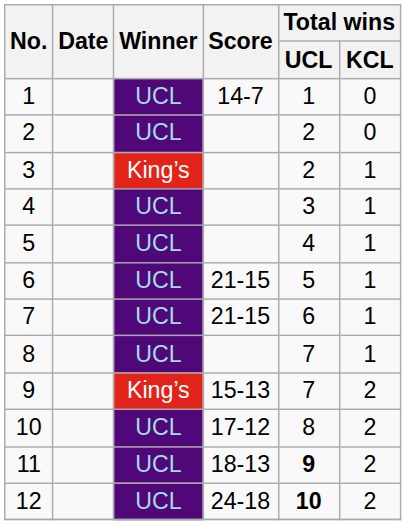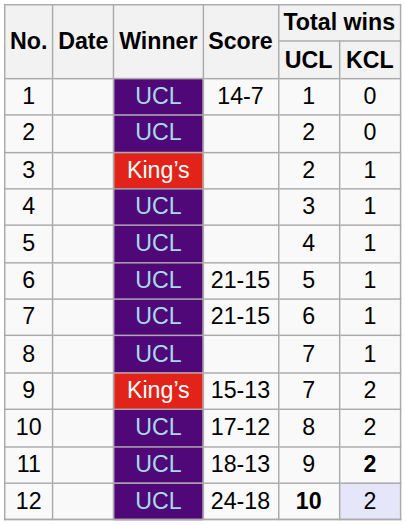 <table class="wikitable sortable">
 <tr>
 <th rowspan="2">No.</th>
 <th rowspan="2">Date</th>
 <th rowspan="2">Winner</th>
 <th rowspan="2">Score</th>
 <th colspan="2">Total wins</th>
 </tr>
 <tr>
 <th>UCL</th>
 <th>KCL</th>
 </tr>
 <tr>
 <td align="center">1</td>
 <td align="center"></td>
 <td style="background:#500778; color:#A4DBE8;" align="center">UCL</td>
 <td align="center">14-7</td>
 <td align="center">1</td>
 <td align="center">0</td>
 </tr>
 <tr>
 <td align="center">2</td>
 <td align="center"></td>
 <td style="background:#500778; color:#A4DBE8;" align="center">UCL</td>
 <td align="center"></td>
 <td align="center">2</td>
 <td align="center">0</td>
 </tr>
 <tr>
 <td align="center">3</td>
 <td align="center"></td>
 <td style="background:#e2231a; color:#FFFFFF;" align="center">King’s</td>
 <td align="center"></td>
 <td align="center">2</td>
 <td align="center">1</td>
 </tr>
 <tr>
 <td align="center">4</td>
 <td align="center"></td>
 <td style="background:#500778; color:#A4DBE8;" align="center">UCL</td>
 <td align="center"></td>
 <td align="center">3</td>
 <td align="center">1</td>
 </tr>
 <tr>
 <td align="center">5</td>
 <td align="center"></td>
 <td style="background:#500778; color:#A4DBE8;" align="center">UCL</td>
 <td align="center"></td>
 <td align="center">4</td>
 <td align="center">1</td>
 </tr>
 <tr>
 <td align="center">6</td>
 <td align="center"></td>
 <td style="background:#500778; color:#A4DBE8;" align="center">UCL</td>
 <td align="center">21-15</td>
 <td align="center">5</td>
 <td align="center">1</td>
 </tr>
 <tr>
 <td align="center">7</td>
 <td align="center"></td>
 <td style="background:#500778; color:#A4DBE8;" align="center">UCL</td>
 <td align="center">21-15</td>
 <td align="center">6</td>
 <td align="center">1</td>
 </tr>
 <tr>
 <td align="center">8</td>
 <td align="center"></td>
 <td style="background:#500778; color:#A4DBE8;" align="center">UCL</td>
 <td align="center"></td>
 <td align="center">7</td>
 <td align="center">1</td>
 </tr>
 <tr>
 <td align="center">9</td>
 <td align="center"></td>
 <td style="background:#e2231a; color:#FFFFFF;" align="center">King’s</td>
 <td align="center">15-13</td>
 <td align="center">7</td>
 <td align="center">2</td>
 </tr>
 <tr>
 <td align="center">10</td>
 <td align="center"></td>
 <td style="background:#500778; color:#A4DBE8;" align="center">UCL</td>
 <td align="center">17-12</td>
 <td align="center">8</td>
 <td align="center">2</td>
 </tr>
 <tr>
 <td align="center">11</td>
 <td align="center"></td>
 <td style="background:#500778; color:#A4DBE8;" align="center">UCL</td>
 <td align="center">18-13</td>
-<td align="center"><strong>9</strong></td>
-<td align="center">2</td>
+<td align="center">9</td>
+<td align="center"><strong>2</strong></td>
 </tr>
 <tr>
 <td align="center">12</td>
 <td align="center"></td>
 <td style="background:#500778; color:#A4DBE8;" align="center">UCL</td>
 <td align="center">24-18</td>
 <td align="center"><strong>10</strong></td>
-<td align="center">2</td>
+<td align="center" style="background: lavender;">2</td>
 </tr>
 <tr>
 </tr>
 </table>
